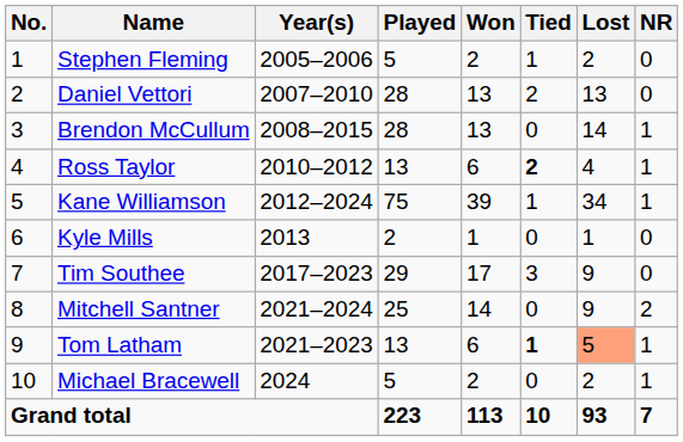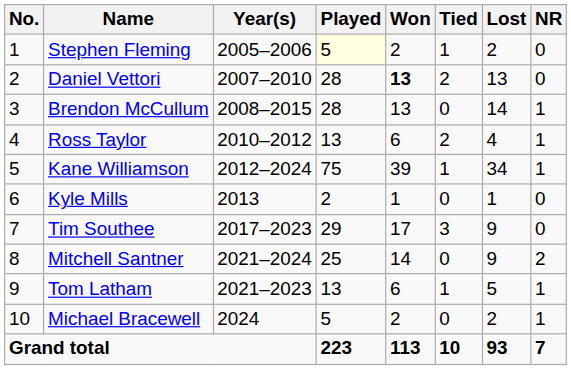 <table class="wikitable">
 <tr>
 <th>No.</th>
 <th>Name</th>
 <th>Year(s)</th>
 <th>Played</th>
 <th>Won</th>
 <th>Tied</th>
 <th>Lost</th>
 <th>NR</th>
 </tr>
 <tr>
 <td>1</td>
 <td><a href='#'>Stephen Fleming</a></td>
 <td>2005–2006</td>
-<td>5</td>
+<td style="background: lightyellow;">5</td>
 <td>2</td>
 <td>1</td>
 <td>2</td>
 <td>0</td>
 </tr>
 <tr>
 <td>2</td>
 <td><a href='#'>Daniel Vettori</a></td>
 <td>2007–2010</td>
 <td>28</td>
-<td>13</td>
+<td><strong>13</strong></td>
 <td>2</td>
 <td>13</td>
 <td>0</td>
 </tr>
 <tr>
 <td>3</td>
 <td><a href='#'>Brendon McCullum</a></td>
 <td>2008–2015</td>
 <td>28</td>
 <td>13</td>
 <td>0</td>
 <td>14</td>
 <td>1</td>
 </tr>
 <tr>
 <td>4</td>
 <td><a href='#'>Ross Taylor</a></td>
 <td>2010–2012</td>
 <td>13</td>
 <td>6</td>
-<td><strong>2</strong></td>
+<td>2</td>
 <td>4</td>
 <td>1</td>
 </tr>
 <tr>
 <td>5</td>
 <td><a href='#'>Kane Williamson</a></td>
 <td>2012–2024</td>
 <td>75</td>
 <td>39</td>
 <td>1</td>
 <td>34</td>
 <td>1</td>
 </tr>
 <tr>
 <td>6</td>
 <td><a href='#'>Kyle Mills</a></td>
 <td>2013</td>
 <td>2</td>
 <td>1</td>
 <td>0</td>
 <td>1</td>
 <td>0</td>
 </tr>
 <tr>
 <td>7</td>
 <td><a href='#'>Tim Southee</a></td>
 <td>2017–2023</td>
 <td>29</td>
 <td>17</td>
 <td>3</td>
 <td>9</td>
 <td>0</td>
 </tr>
 <tr>
 <td>8</td>
 <td><a href='#'>Mitchell Santner</a></td>
 <td>2021–2024</td>
 <td>25</td>
 <td>14</td>
 <td>0</td>
 <td>9</td>
 <td>2</td>
 </tr>
 <tr>
 <td>9</td>
 <td><a href='#'>Tom Latham</a></td>
 <td>2021–2023</td>
 <td>13</td>
 <td>6</td>
-<td><strong>1</strong></td>
-<td style="background: lightsalmon;">5</td>
+<td>1</td>
+<td>5</td>
 <td>1</td>
 </tr>
 <tr>
 <td>10</td>
 <td><a href='#'>Michael Bracewell</a></td>
 <td>2024</td>
 <td>5</td>
 <td>2</td>
 <td>0</td>
 <td>2</td>
 <td>1</td>
 </tr>
 <tr>
 <td colspan="3"><strong>Grand total</strong></td>
 <td><strong>223</strong></td>
 <td><strong>113</strong></td>
 <td><strong>10</strong></td>
 <td><strong>93</strong></td>
 <td><strong>7</strong></td>
 </tr>
 </table>
